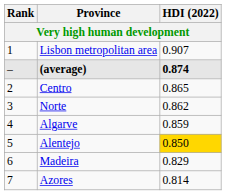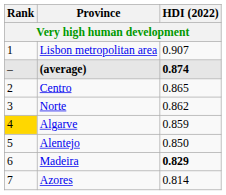 <table class="wikitable sortable">
 <tr>
 <th>Rank</th>
 <th>Province</th>
 <th>HDI (2022)</th>
 </tr>
 <tr>
 <th colspan="3" style="color:#090;">Very high human development</th>
 </tr>
 <tr>
 <td>1</td>
 <td><a href='#'>Lisbon metropolitan area</a></td>
 <td>0.907</td>
 </tr>
 <tr style="background:#e6e6e6">
 <td>–</td>
 <td><strong> (average)</strong></td>
 <td><strong>0.874</strong></td>
 </tr>
 <tr>
 <td>2</td>
 <td><a href='#'>Centro</a></td>
 <td>0.865</td>
 </tr>
 <tr>
 <td>3</td>
 <td><a href='#'>Norte</a></td>
 <td>0.862</td>
 </tr>
 <tr>
-<td>4</td>
+<td style="background: gold;">4</td>
 <td><a href='#'>Algarve</a></td>
 <td>0.859</td>
 </tr>
 <tr>
 <td>5</td>
 <td><a href='#'>Alentejo</a></td>
-<td style="background: gold;">0.850</td>
+<td>0.850</td>
 </tr>
 <tr>
 <td>6</td>
 <td><a href='#'>Madeira</a></td>
-<td>0.829</td>
+<td><strong>0.829</strong></td>
 </tr>
 <tr>
 <td>7</td>
 <td><a href='#'>Azores</a></td>
 <td>0.814</td>
 </tr>
 </table>
